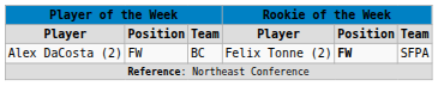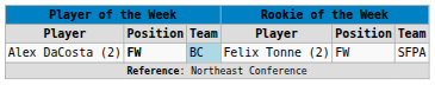 <table class="wikitable">
 <tr>
 <th colspan="3" style="background:#0081C4;"><span>Player of the Week</span></th>
 <th colspan="3" style="background:#0081C4;"><span>Rookie of the Week</span></th>
 </tr>
 <tr>
 <th style="background:#ddd;">Player</th>
 <th style="background:#ddd;">Position</th>
 <th style="background:#ddd;">Team</th>
 <th style="background:#ddd;">Player</th>
 <th style="background:#ddd;">Position</th>
 <th style="background:#ddd;">Team</th>
 </tr>
 <tr>
 <td>Alex DaCosta (2)</td>
+<td><strong>FW</strong></td>
+<td ! style="background: lightblue;">BC</td>
+<td>Felix Tonne (2)</td>
 <td>FW</td>
-<td !>BC</td>
-<td>Felix Tonne (2)</td>
-<td><strong>FW</strong></td>
 <td !>SFPA</td>
 </tr>
 <tr>
 <td colspan="12"  style="font-size:8pt; text-align:center; background:#ddd;"><strong>Reference</strong>: Northeast Conference</td>
 </tr>
 </table>
